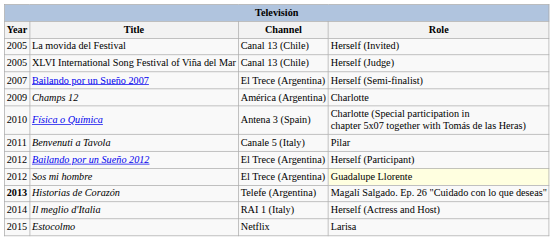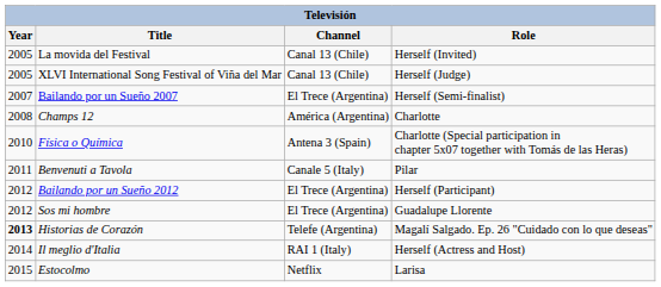 <table class="wikitable" style="font-size: 90%;">
 <tr>
 <th colspan="4" style="background: LightSteelBlue;">Televisión</th>
 </tr>
 <tr>
 <th>Year</th>
 <th>Title</th>
 <th>Channel</th>
 <th class="unsortable">Role</th>
 </tr>
 <tr>
 <td>2005</td>
 <td>La movida del Festival</td>
 <td>Canal 13 (Chile)</td>
 <td>Herself (Invited)</td>
 </tr>
 <tr>
 <td>2005</td>
 <td>XLVI International Song Festival of Viña del Mar</td>
 <td>Canal 13 (Chile)</td>
 <td>Herself (Judge)</td>
 </tr>
 <tr>
 <td>2007</td>
 <td><a href='#'>Bailando por un Sueño 2007</a></td>
 <td>El Trece (Argentina)</td>
 <td>Herself (Semi-finalist)</td>
 </tr>
 <tr>
-<td>2009</td>
+<td>2008</td>
 <td><em>Champs 12</em></td>
 <td>América (Argentina)</td>
 <td>Charlotte</td>
 </tr>
 <tr>
 <td>2010</td>
 <td><em><a href='#'>Física o Química</a></em></td>
 <td>Antena 3 (Spain)</td>
 <td>Charlotte (Special participation in<br>chapter 5x07 together with Tomás  de las Heras)</td>
 </tr>
 <tr>
 <td>2011</td>
 <td><em>Benvenuti a Tavola</em></td>
 <td>Canale 5 (Italy)</td>
 <td>Pilar</td>
 </tr>
 <tr>
 <td>2012</td>
 <td><em><a href='#'>Bailando por un Sueño 2012</a></em></td>
 <td>El Trece (Argentina)</td>
 <td>Herself (Participant)</td>
 </tr>
 <tr>
 <td>2012</td>
 <td><em>Sos mi hombre</em></td>
 <td>El Trece (Argentina)</td>
-<td style="background: lightyellow;">Guadalupe Llorente</td>
+<td>Guadalupe Llorente</td>
 </tr>
 <tr>
 <td><strong>2013</strong></td>
 <td><em>Historias de Corazón</em></td>
 <td>Telefe (Argentina)</td>
 <td>Magalí Salgado. Ep. 26 "Cuidado con lo que deseas"</td>
 </tr>
 <tr>
 <td>2014</td>
 <td><em>Il meglio d'Italia</em></td>
 <td>RAI 1 (Italy)</td>
 <td>Herself (Actress and Host)</td>
 </tr>
 <tr>
 <td>2015</td>
 <td><em>Estocolmo</em></td>
 <td>Netflix</td>
 <td>Larisa</td>
 </tr>
 </table>
